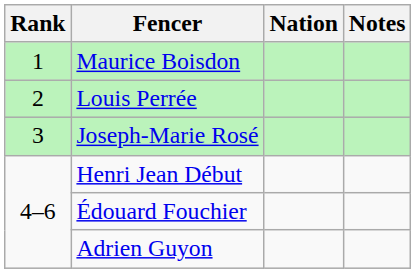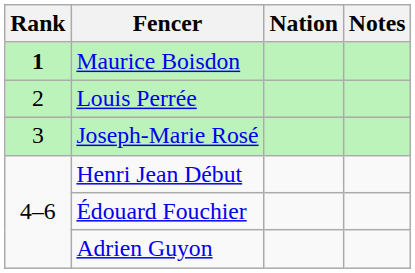 <table class="wikitable sortable" style="text-align:center">
 <tr>
 <th>Rank</th>
 <th>Fencer</th>
 <th>Nation</th>
 <th>Notes</th>
 </tr>
 <tr bgcolor=bbf3bb>
-<td>1</td>
+<td><strong>1</strong></td>
 <td align=left><a href='#'>Maurice Boisdon</a></td>
 <td align=left></td>
 <td></td>
 </tr>
 <tr bgcolor=bbf3bb>
 <td>2</td>
 <td align=left><a href='#'>Louis Perrée</a></td>
 <td align=left></td>
 <td></td>
 </tr>
 <tr bgcolor=bbf3bb>
 <td>3</td>
 <td align=left><a href='#'>Joseph-Marie Rosé</a></td>
 <td align=left></td>
 <td></td>
 </tr>
 <tr>
 <td rowspan=3 align=center>4–6</td>
 <td align=left><a href='#'>Henri Jean Début</a></td>
 <td align=left></td>
 <td></td>
 </tr>
 <tr>
 <td align=left><a href='#'>Édouard Fouchier</a></td>
 <td align=left></td>
 <td></td>
 </tr>
 <tr>
 <td align=left><a href='#'>Adrien Guyon</a></td>
 <td align=left></td>
 <td></td>
 </tr>
 </table>
